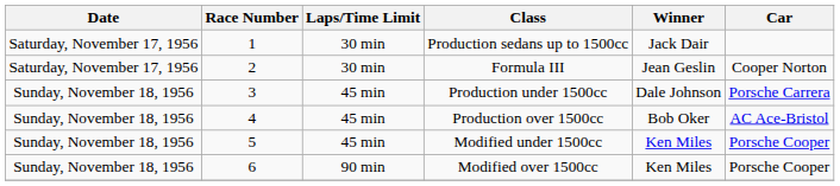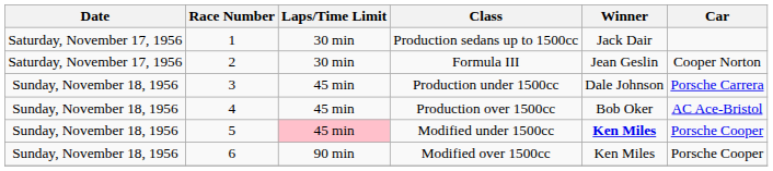 <table class="wikitable" Style="text-align:center">
 <tr>
 <th scope="col">Date</th>
 <th scope="col">Race Number</th>
 <th scope="col">Laps/Time Limit</th>
 <th scope="col">Class</th>
 <th scope="col">Winner</th>
 <th scope="col">Car</th>
 </tr>
 <tr>
 <td>Saturday, November 17, 1956</td>
 <td>1</td>
 <td>30 min</td>
 <td>Production sedans up to 1500cc</td>
 <td>Jack Dair</td>
 <td></td>
 </tr>
 <tr>
 <td>Saturday, November 17, 1956</td>
 <td>2</td>
 <td>30 min</td>
 <td>Formula III</td>
 <td>Jean Geslin</td>
 <td>Cooper Norton</td>
 </tr>
 <tr>
 <td>Sunday, November 18, 1956</td>
 <td>3</td>
 <td>45 min</td>
 <td>Production under 1500cc</td>
 <td>Dale Johnson</td>
 <td><a href='#'>Porsche Carrera</a></td>
 </tr>
 <tr>
 <td>Sunday, November 18, 1956</td>
 <td>4</td>
 <td>45 min</td>
 <td>Production over 1500cc</td>
 <td>Bob Oker</td>
 <td><a href='#'> AC Ace-Bristol</a></td>
 </tr>
 <tr>
 <td>Sunday, November 18, 1956</td>
 <td>5</td>
-<td>45 min</td>
+<td style="background: pink;">45 min</td>
 <td>Modified under 1500cc</td>
-<td> <a href='#'>Ken Miles</a></td>
+<td><strong> <a href='#'>Ken Miles</a></strong></td>
 <td><a href='#'>Porsche Cooper</a></td>
 </tr>
 <tr>
 <td>Sunday, November 18, 1956</td>
 <td>6</td>
 <td>90 min</td>
 <td>Modified over 1500cc</td>
 <td> Ken Miles</td>
 <td>Porsche Cooper</td>
 </tr>
 <tr>
 </tr>
 </table>
